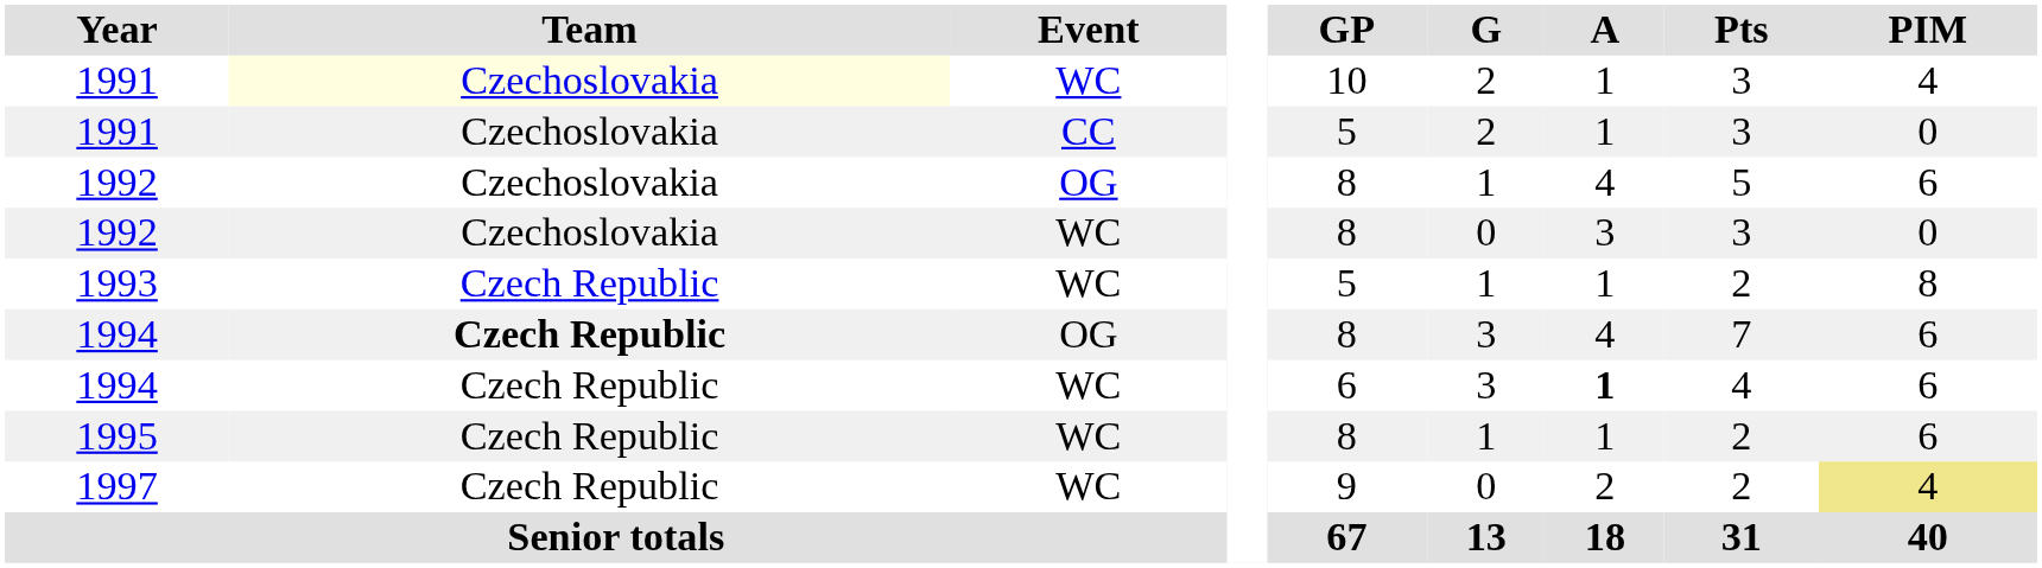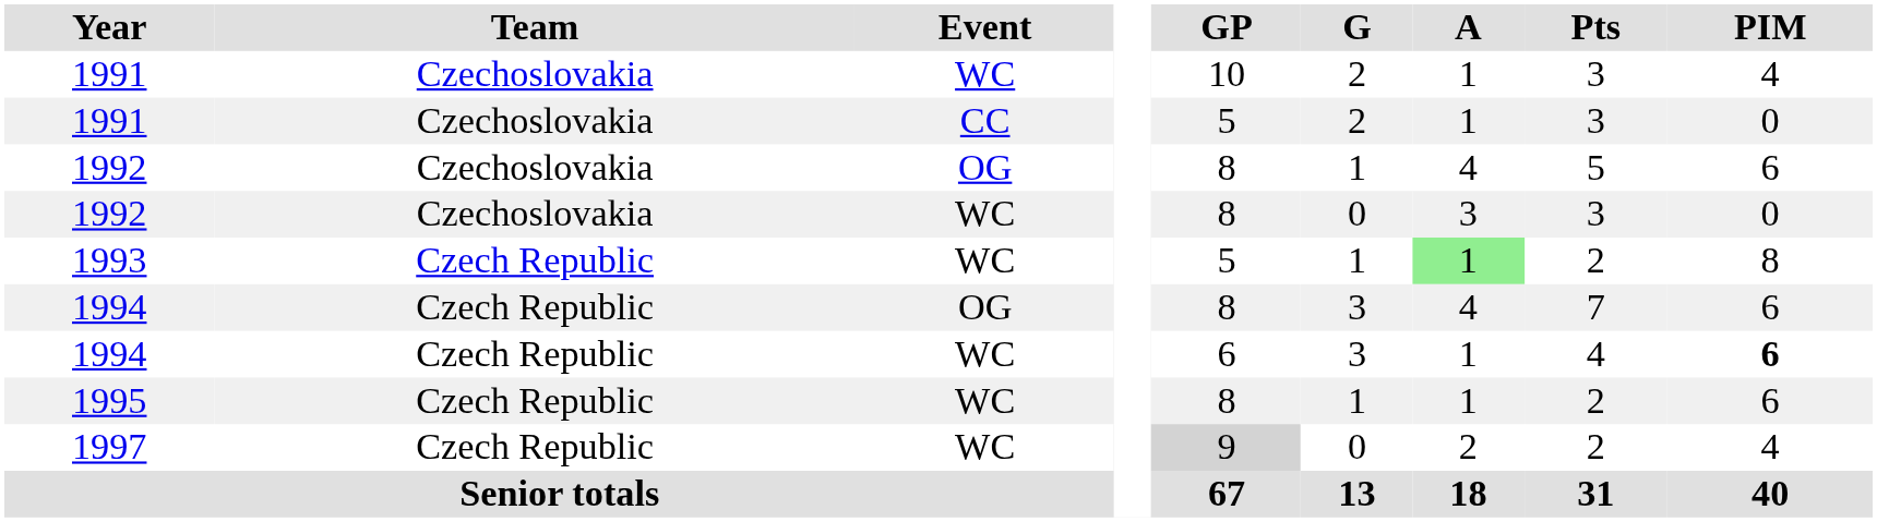 <table border="0" cellpadding="1" cellspacing="0" style="text-align:center; width:50em">
 <tr ALIGN="center" bgcolor="#e0e0e0">
 <th>Year</th>
 <th>Team</th>
 <th>Event</th>
 <th rowspan="99" bgcolor="#ffffff"> </th>
 <th>GP</th>
 <th>G</th>
 <th>A</th>
 <th>Pts</th>
 <th>PIM</th>
 </tr>
 <tr>
 <td><a href='#'>1991</a></td>
-<td style="background: lightyellow;"><a href='#'>Czechoslovakia</a></td>
+<td><a href='#'>Czechoslovakia</a></td>
 <td><a href='#'>WC</a></td>
 <td>10</td>
 <td>2</td>
 <td>1</td>
 <td>3</td>
 <td>4</td>
 </tr>
 <tr bgcolor="#f0f0f0">
 <td><a href='#'>1991</a></td>
 <td>Czechoslovakia</td>
 <td><a href='#'>CC</a></td>
 <td>5</td>
 <td>2</td>
 <td>1</td>
 <td>3</td>
 <td>0</td>
 </tr>
 <tr>
 <td><a href='#'>1992</a></td>
 <td>Czechoslovakia</td>
 <td><a href='#'>OG</a></td>
 <td>8</td>
 <td>1</td>
 <td>4</td>
 <td>5</td>
 <td>6</td>
 </tr>
 <tr bgcolor="#f0f0f0">
 <td><a href='#'>1992</a></td>
 <td>Czechoslovakia</td>
 <td>WC</td>
 <td>8</td>
 <td>0</td>
 <td>3</td>
 <td>3</td>
 <td>0</td>
 </tr>
 <tr>
 <td><a href='#'>1993</a></td>
 <td><a href='#'>Czech Republic</a></td>
 <td>WC</td>
 <td>5</td>
 <td>1</td>
-<td>1</td>
+<td style="background: lightgreen;">1</td>
 <td>2</td>
 <td>8</td>
 </tr>
 <tr bgcolor="#f0f0f0">
 <td><a href='#'>1994</a></td>
-<td><strong>Czech Republic</strong></td>
+<td>Czech Republic</td>
 <td>OG</td>
 <td>8</td>
 <td>3</td>
 <td>4</td>
 <td>7</td>
 <td>6</td>
 </tr>
 <tr>
 <td><a href='#'>1994</a></td>
 <td>Czech Republic</td>
 <td>WC</td>
 <td>6</td>
 <td>3</td>
-<td><strong>1</strong></td>
+<td>1</td>
 <td>4</td>
-<td>6</td>
+<td><strong>6</strong></td>
 </tr>
 <tr bgcolor="#f0f0f0">
 <td><a href='#'>1995</a></td>
 <td>Czech Republic</td>
 <td>WC</td>
 <td>8</td>
 <td>1</td>
 <td>1</td>
 <td>2</td>
 <td>6</td>
 </tr>
 <tr>
 <td><a href='#'>1997</a></td>
 <td>Czech Republic</td>
 <td>WC</td>
-<td>9</td>
+<td style="background: lightgrey;">9</td>
 <td>0</td>
 <td>2</td>
 <td>2</td>
-<td style="background: khaki;">4</td>
+<td>4</td>
 </tr>
 <tr bgcolor="#e0e0e0">
 <th colspan=3>Senior totals</th>
 <th>67</th>
 <th>13</th>
 <th>18</th>
 <th>31</th>
 <th>40</th>
 </tr>
 </table>
